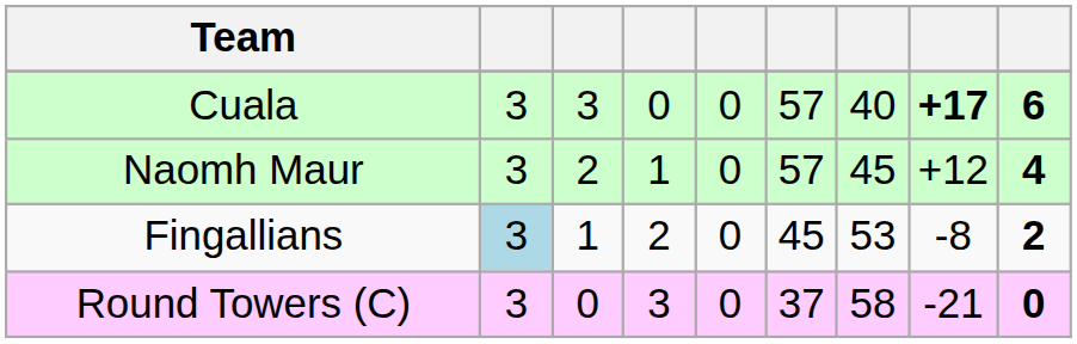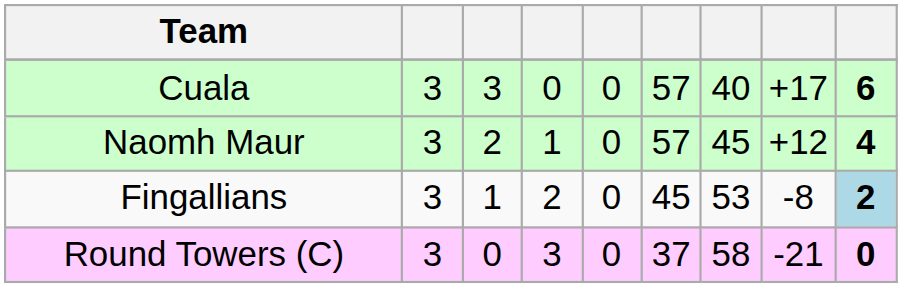 <table class="wikitable" style="text-align:center">
 <tr>
 <th style="width:175px;">Team</th>
 <th width="20"></th>
 <th width="20"></th>
 <th width="20"></th>
 <th width="20"></th>
 <th width="20"></th>
 <th width="20"></th>
 <th width="20"></th>
 <th width="20"></th>
 </tr>
 <tr style="background:#cfc;">
 </tr>
 <tr style="background:#cfc">
 <td>Cuala</td>
 <td>3</td>
 <td>3</td>
 <td>0</td>
 <td>0</td>
 <td>57</td>
 <td>40</td>
-<td><strong>+17</strong></td>
+<td>+17</td>
 <td><strong>6</strong></td>
 </tr>
 <tr style="background:#cfc;">
 <td>Naomh Maur</td>
 <td>3</td>
 <td>2</td>
 <td>1</td>
 <td>0</td>
 <td>57</td>
 <td>45</td>
 <td>+12</td>
 <td><strong>4</strong></td>
 </tr>
 <tr>
 <td>Fingallians</td>
-<td style="background: lightblue;">3</td>
+<td>3</td>
 <td>1</td>
 <td>2</td>
 <td>0</td>
 <td>45</td>
 <td>53</td>
 <td>-8</td>
-<td><strong>2</strong></td>
+<td style="background: lightblue;"><strong>2</strong></td>
 </tr>
 <tr style="background:#fcf;">
 <td>Round Towers (C)</td>
 <td>3</td>
 <td>0</td>
 <td>3</td>
 <td>0</td>
 <td>37</td>
 <td>58</td>
 <td>-21</td>
 <td><strong>0</strong></td>
 </tr>
 </table>
